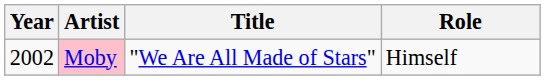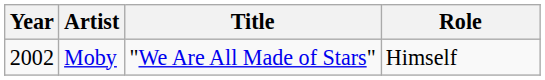 <table class="wikitable sortable">
 <tr>
 <th>Year</th>
 <th>Artist</th>
 <th>Title</th>
 <th width=108>Role</th>
 </tr>
 <tr>
 <td>2002</td>
-<td style="background: pink;"><a href='#'>Moby</a></td>
+<td><a href='#'>Moby</a></td>
 <td>"<a href='#'>We Are All Made of Stars</a>"</td>
 <td>Himself</td>
 </tr>
 </table>
